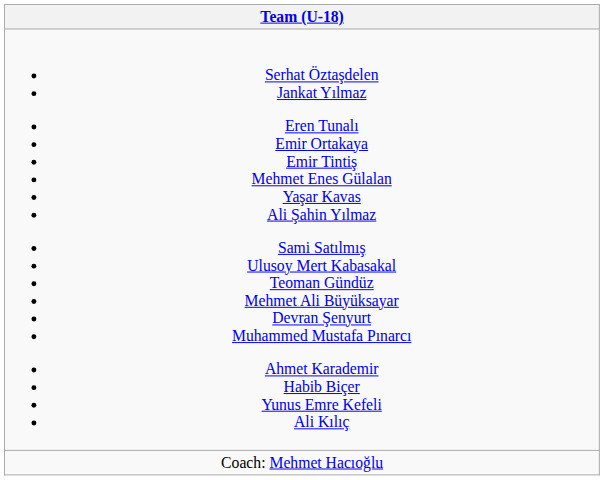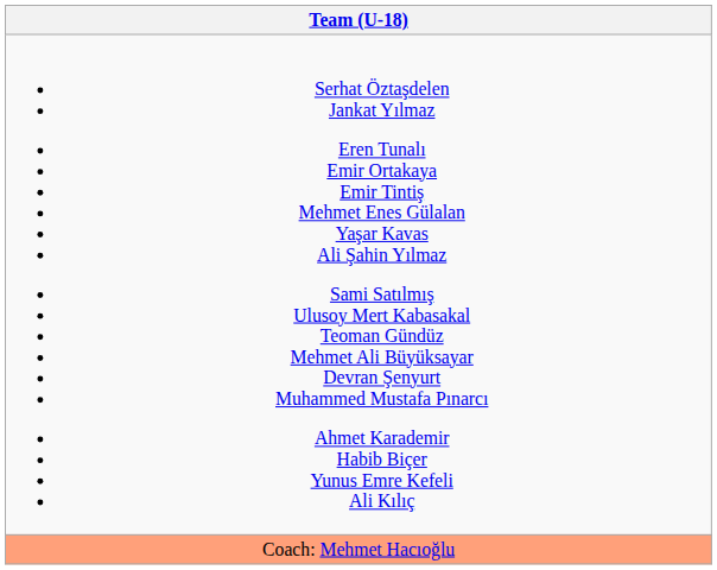 <table class="wikitable" style="text-align: center;">
 <tr>
 <th width=600><a href='#'>Team (U-18)</a></th>
 </tr>
 <tr>
 <td><br><ul><li><a href='#'>Serhat Öztaşdelen</a></li><li><a href='#'>Jankat Yılmaz</a></li></ul><ul><li><a href='#'>Eren Tunalı</a></li><li><a href='#'>Emir Ortakaya</a></li><li><a href='#'>Emir Tintiş</a></li><li><a href='#'>Mehmet Enes Gülalan</a></li><li><a href='#'>Yaşar Kavas</a></li><li><a href='#'>Ali Şahin Yılmaz</a></li></ul><ul><li><a href='#'>Sami Satılmış</a></li><li><a href='#'>Ulusoy Mert Kabasakal</a></li><li><a href='#'>Teoman Gündüz</a></li><li><a href='#'>Mehmet Ali Büyüksayar</a></li><li><a href='#'>Devran Şenyurt</a></li><li><a href='#'>Muhammed Mustafa Pınarcı</a></li></ul><ul><li><a href='#'>Ahmet Karademir</a></li><li><a href='#'>Habib Biçer</a></li><li><a href='#'>Yunus Emre Kefeli</a></li><li><a href='#'>Ali Kılıç</a></li></ul></td>
 </tr>
 <tr>
-<td>Coach:  <a href='#'>Mehmet Hacıoğlu</a></td>
+<td style="background: lightsalmon;">Coach:  <a href='#'>Mehmet Hacıoğlu</a></td>
 </tr>
 </table>
